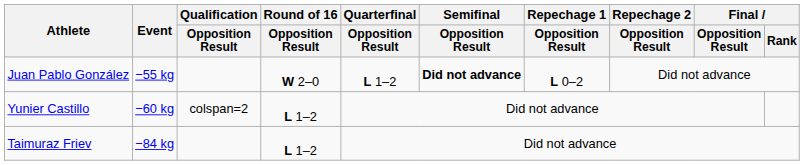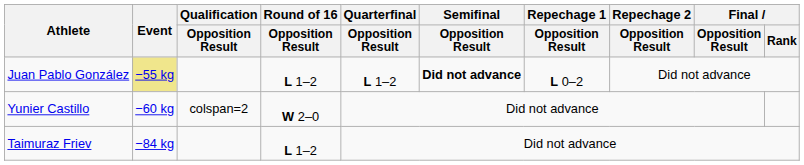 <table class="wikitable" style="font-size:90%">
 <tr>
 <th rowspan="2">Athlete</th>
 <th rowspan="2">Event</th>
 <th>Qualification</th>
 <th>Round of 16</th>
 <th>Quarterfinal</th>
 <th>Semifinal</th>
 <th>Repechage 1</th>
 <th>Repechage 2</th>
 <th colspan=2>Final / </th>
 </tr>
 <tr style="font-size: 95%">
 <th>Opposition<br>Result</th>
 <th>Opposition<br>Result</th>
 <th>Opposition<br>Result</th>
 <th>Opposition<br>Result</th>
 <th>Opposition<br>Result</th>
 <th>Opposition<br>Result</th>
 <th>Opposition<br>Result</th>
 <th>Rank</th>
 </tr>
 <tr align=center>
 <td align=left><a href='#'>Juan Pablo González</a></td>
-<td align=left><a href='#'>−55 kg</a></td>
+<td align=left style="background: khaki;"><a href='#'>−55 kg</a></td>
 <td></td>
-<td><br><strong>W</strong> 2–0</td>
+<td><br><strong>L</strong> 1–2</td>
 <td><br><strong>L</strong> 1–2</td>
 <td><strong>Did not advance</strong></td>
 <td><br><strong>L</strong> 0–2</td>
 <td colspan=3>Did not advance</td>
 </tr>
 <tr align=center>
 <td align=left><a href='#'>Yunier Castillo</a></td>
 <td align=left><a href='#'>−60 kg</a></td>
 <td>colspan=2 </td>
-<td><br><strong>L</strong> 1–2</td>
+<td><br><strong>W</strong> 2–0</td>
 <td colspan=5>Did not advance</td>
 </tr>
 <tr align=center>
 <td align=left><a href='#'>Taimuraz Friev</a></td>
 <td align=left><a href='#'>−84 kg</a></td>
 <td></td>
 <td><br><strong>L</strong> 1–2</td>
 <td colspan=6>Did not advance</td>
 </tr>
 </table>
